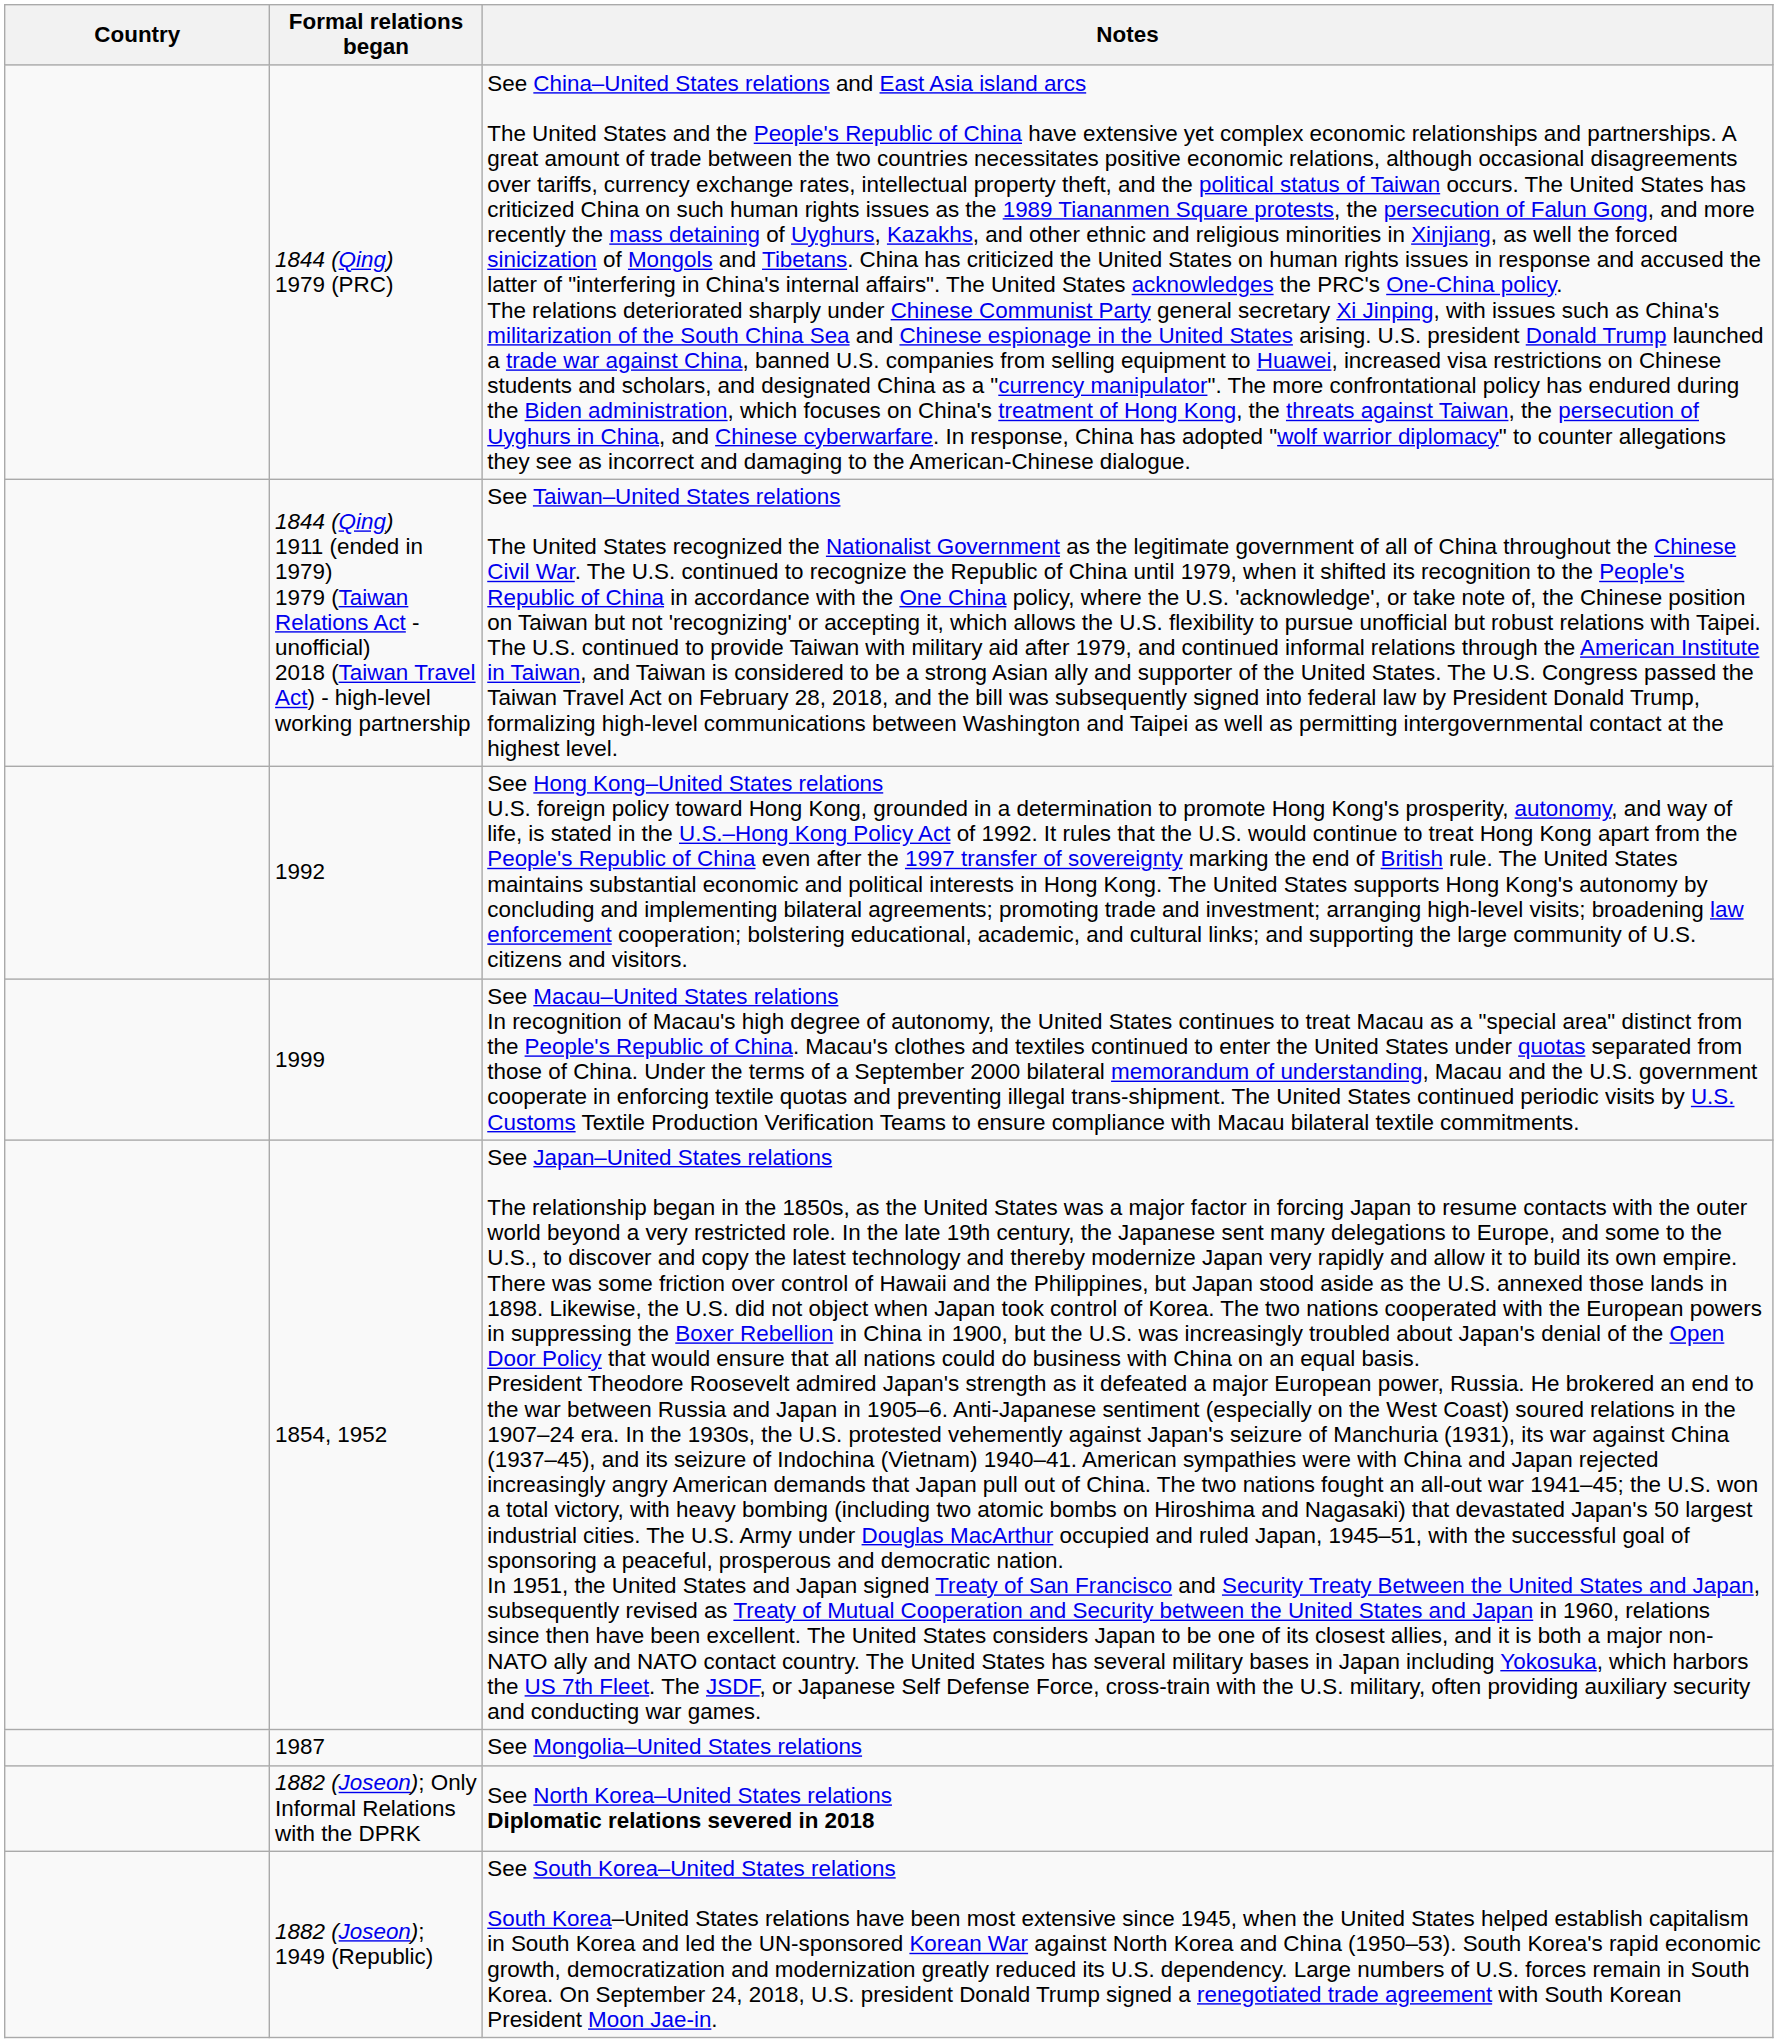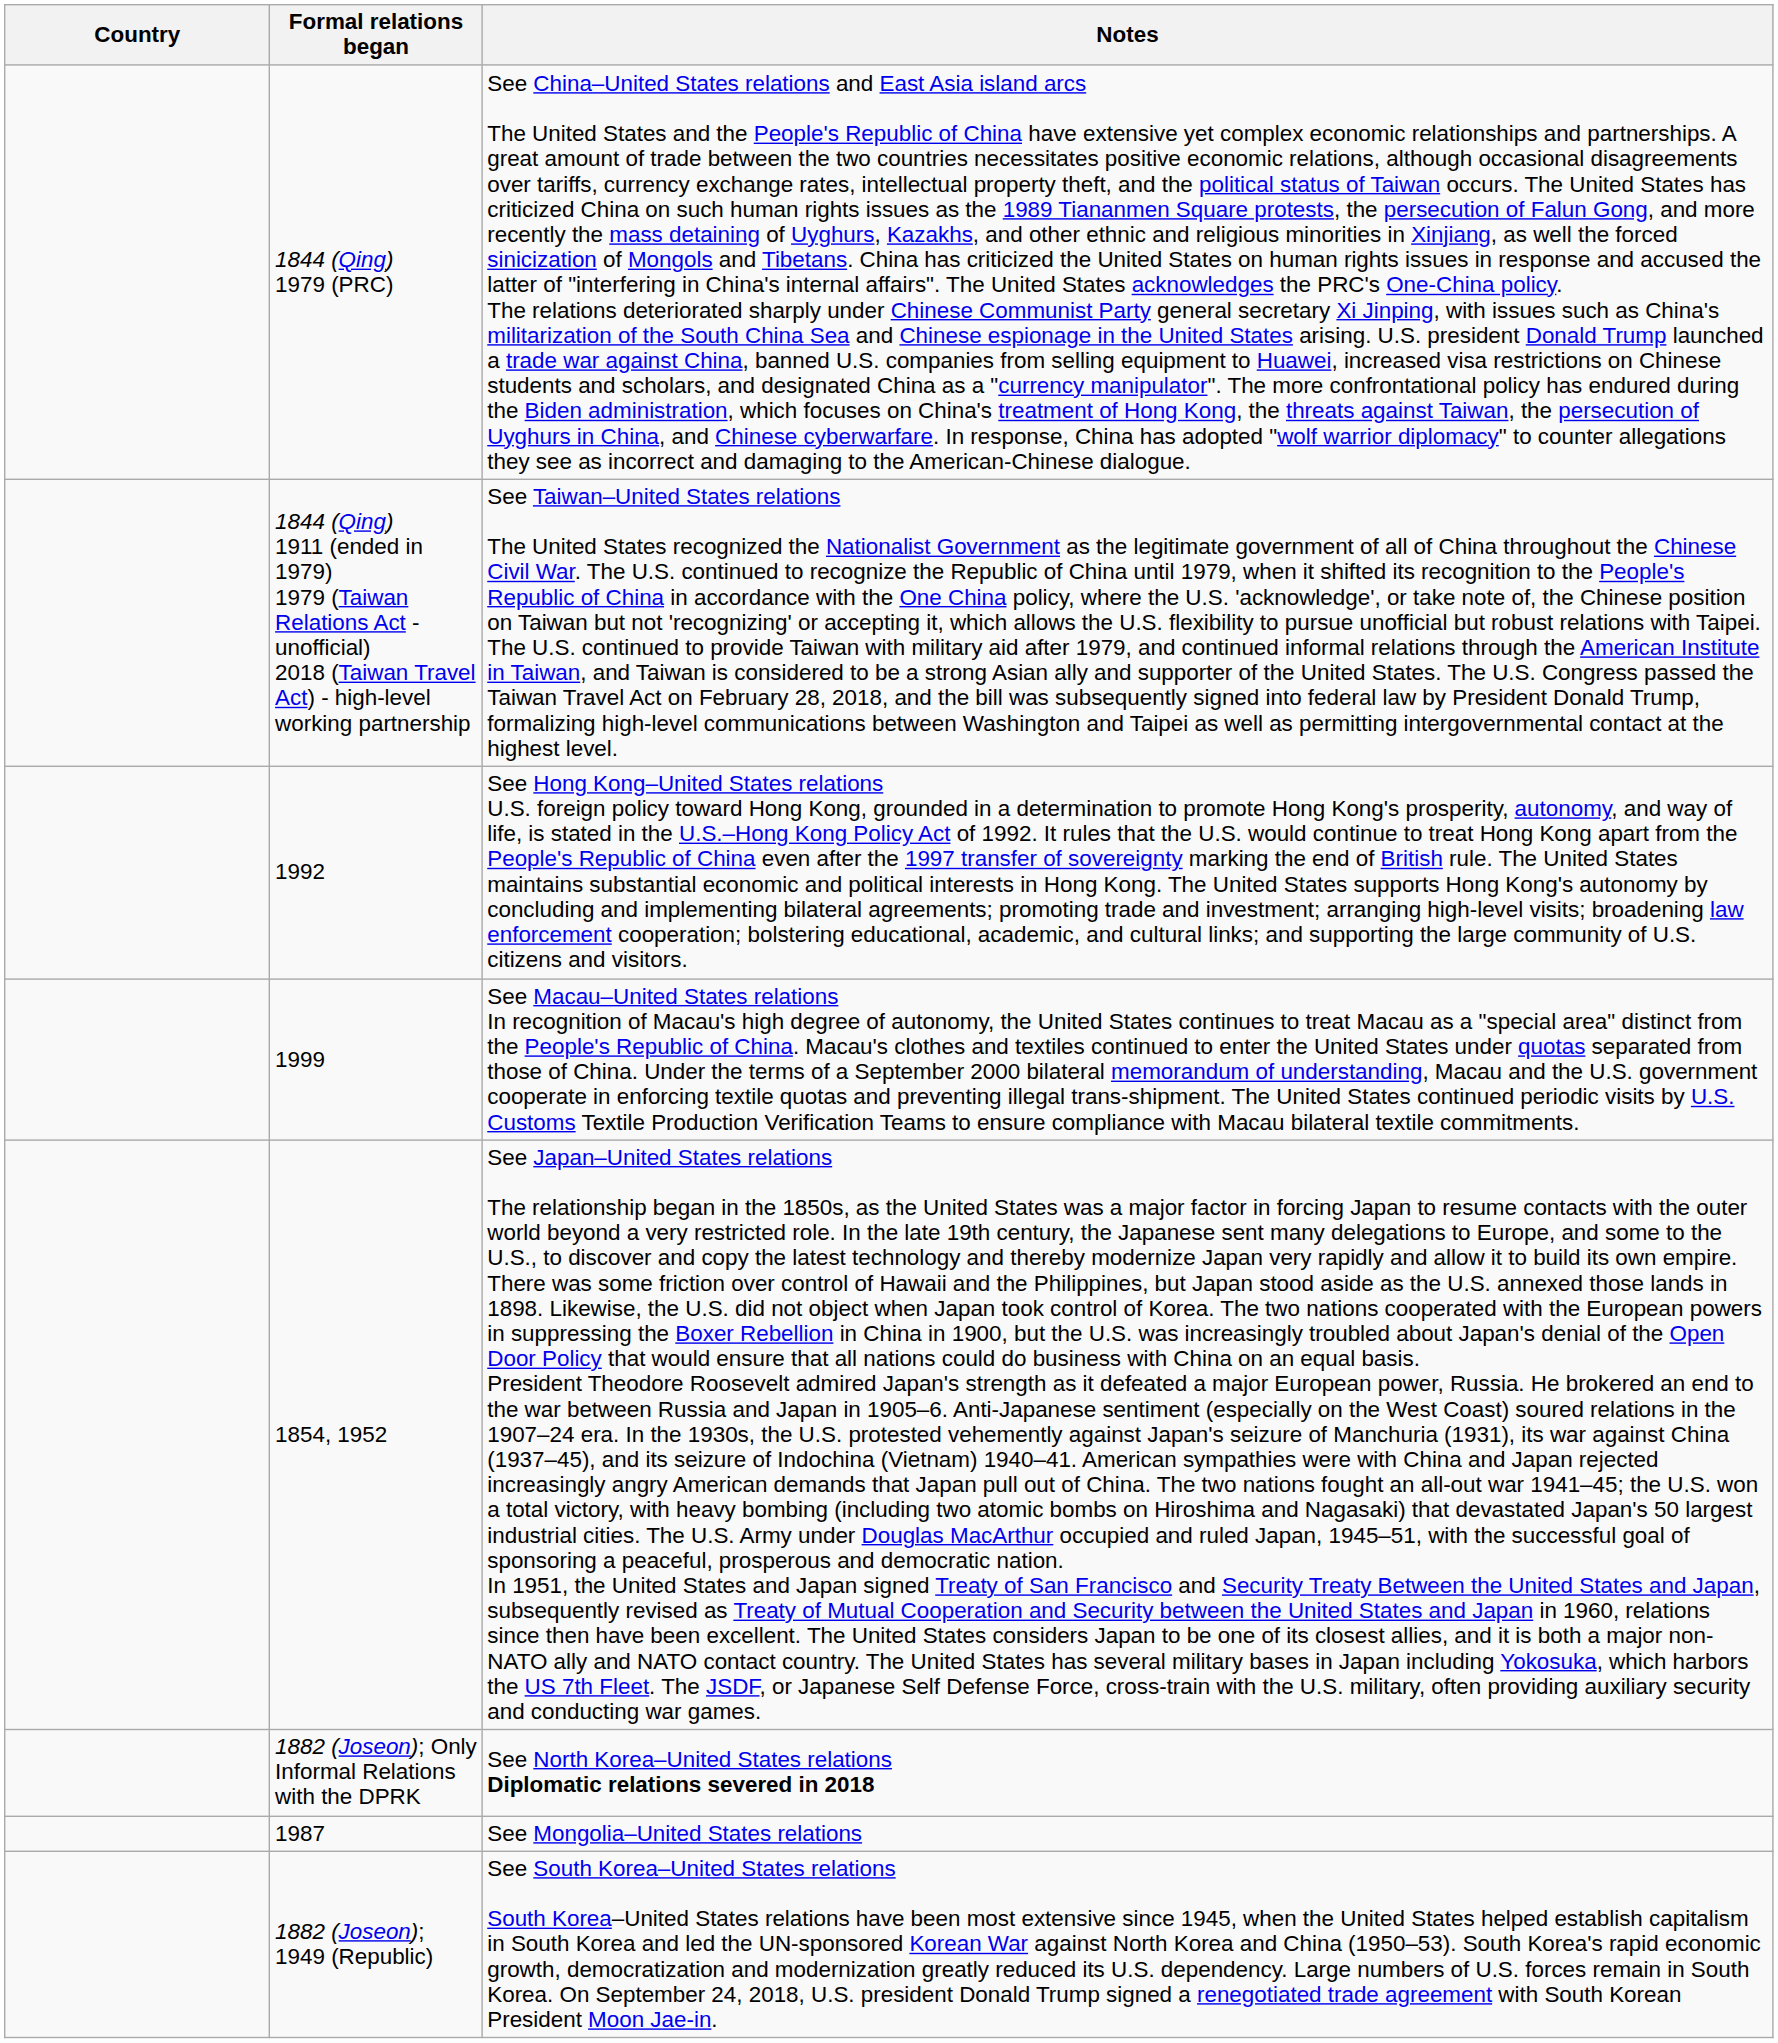 <table class="wikitable sortable" border="1" style="width:100%; margin:auto;">
 <tr>
 <th width="15%">Country</th>
 <th width="12%">Formal relations began</th>
 <th>Notes</th>
 </tr>
 <tr -valign="top">
 <td></td>
 <td><em>1844 (<a href='#'>Qing</a>)</em><br>1979 (PRC)</td>
 <td>See <a href='#'>China–United States relations</a> and <a href='#'>East Asia island arcs</a><br><br> The United States and the <a href='#'>People's Republic of China</a> have extensive yet complex economic relationships and partnerships. A great amount of trade between the two countries necessitates positive economic relations, although occasional disagreements over tariffs, currency exchange rates, intellectual property theft, and the <a href='#'>political status of Taiwan</a> occurs. The United States has criticized China on such human rights issues as the <a href='#'>1989 Tiananmen Square protests</a>, the <a href='#'>persecution of Falun Gong</a>, and more recently the <a href='#'>mass detaining</a> of <a href='#'>Uyghurs</a>, <a href='#'>Kazakhs</a>, and other ethnic and religious minorities in <a href='#'>Xinjiang</a>, as well the forced <a href='#'>sinicization</a> of <a href='#'>Mongols</a> and <a href='#'>Tibetans</a>. China has criticized the United States on human rights issues in response and accused the latter of "interfering in China's internal affairs". The United States <a href='#'>acknowledges</a> the PRC's <a href='#'>One-China policy</a>.<br>The relations deteriorated sharply under <a href='#'>Chinese Communist Party</a> general secretary <a href='#'>Xi Jinping</a>, with issues such as China's <a href='#'>militarization of the South China Sea</a> and <a href='#'>Chinese espionage in the United States</a> arising. U.S. president <a href='#'>Donald Trump</a> launched a <a href='#'>trade war against China</a>, banned U.S. companies from selling equipment to <a href='#'>Huawei</a>, increased visa restrictions on Chinese students and scholars, and designated China as a "<a href='#'>currency manipulator</a>". The more confrontational policy has endured during the <a href='#'>Biden administration</a>, which focuses on China's <a href='#'>treatment of Hong Kong</a>, the <a href='#'>threats against Taiwan</a>, the <a href='#'>persecution of Uyghurs in China</a>, and <a href='#'>Chinese cyberwarfare</a>. In response, China has adopted "<a href='#'>wolf warrior diplomacy</a>" to counter allegations they see as incorrect and damaging to the American-Chinese dialogue.</td>
 </tr>
 <tr -valign="top">
 <td></td>
 <td><em>1844 (<a href='#'>Qing</a>)</em><br>1911 (ended in 1979)<br>1979 (<a href='#'>Taiwan Relations Act</a> - unofficial)<br>2018 (<a href='#'>Taiwan Travel Act</a>) - high-level working partnership</td>
 <td>See <a href='#'>Taiwan–United States relations</a><br><br>The United States recognized the <a href='#'>Nationalist Government</a> as the legitimate government of all of China throughout the <a href='#'>Chinese Civil War</a>. The U.S. continued to recognize the Republic of China until 1979, when it shifted its recognition to the <a href='#'>People's Republic of China</a> in accordance with the <a href='#'>One China</a> policy, where the U.S. 'acknowledge', or take note of, the Chinese position on Taiwan but not 'recognizing' or accepting it, which allows the U.S. flexibility to pursue unofficial but robust relations with Taipei. The U.S. continued to provide Taiwan with military aid after 1979, and continued informal relations through the <a href='#'>American Institute in Taiwan</a>, and Taiwan is considered to be a strong Asian ally and supporter of the United States. The U.S. Congress passed the Taiwan Travel Act on February 28, 2018, and the bill was subsequently signed into federal law by President Donald Trump, formalizing high-level communications between Washington and Taipei as well as permitting intergovernmental contact at the highest level.</td>
 </tr>
 <tr -valign="top">
 <td></td>
 <td>1992<br></td>
 <td>See <a href='#'>Hong Kong–United States relations</a><br>U.S. foreign policy toward Hong Kong, grounded in a determination to promote Hong Kong's prosperity, <a href='#'>autonomy</a>, and way of life, is stated in the <a href='#'>U.S.–Hong Kong Policy Act</a> of 1992. It rules that the U.S. would continue to treat Hong Kong apart from the <a href='#'>People's Republic of China</a> even after the <a href='#'>1997 transfer of sovereignty</a> marking the end of <a href='#'>British</a> rule. The United States maintains substantial economic and political interests in Hong Kong. The United States supports Hong Kong's autonomy by concluding and implementing bilateral agreements; promoting trade and investment; arranging high-level visits; broadening <a href='#'>law enforcement</a> cooperation; bolstering educational, academic, and cultural links; and supporting the large community of U.S. citizens and visitors.</td>
 </tr>
 <tr -valign="top">
 <td></td>
 <td>1999<br></td>
 <td>See <a href='#'>Macau–United States relations</a><br>In recognition of Macau's high degree of autonomy, the United States continues to treat Macau as a "special area" distinct from the <a href='#'>People's Republic of China</a>. Macau's clothes and textiles continued to enter the United States under <a href='#'>quotas</a> separated from those of China. Under the terms of a September 2000 bilateral <a href='#'>memorandum of understanding</a>, Macau and the U.S. government cooperate in enforcing textile quotas and preventing illegal trans-shipment. The United States continued periodic visits by <a href='#'>U.S. Customs</a> Textile Production Verification Teams to ensure compliance with Macau bilateral textile commitments.</td>
 </tr>
 <tr -valign="top">
 <td></td>
 <td>1854, 1952<br></td>
 <td>See <a href='#'>Japan–United States relations</a><br><br>The relationship began in the 1850s, as the United States was a major factor in forcing Japan to resume contacts with the outer world beyond a very restricted role. In the late 19th century, the Japanese sent many delegations to Europe, and some to the U.S., to discover and copy the latest technology and thereby modernize Japan very rapidly and allow it to build its own empire. There was some friction over control of Hawaii and the Philippines, but Japan stood aside as the U.S. annexed those lands in 1898. Likewise, the U.S. did not object when Japan took control of Korea. The two nations cooperated with the European powers in suppressing the <a href='#'>Boxer Rebellion</a> in China in 1900, but the U.S. was increasingly troubled about Japan's denial of the <a href='#'>Open Door Policy</a> that would ensure that all nations could do business with China on an equal basis.<br>President Theodore Roosevelt admired Japan's strength as it defeated a major European power, Russia. He brokered an end to the war between Russia and Japan in 1905–6. Anti-Japanese sentiment (especially on the West Coast) soured relations in the 1907–24 era. In the 1930s, the U.S. protested vehemently against Japan's seizure of Manchuria (1931), its war against China (1937–45), and its seizure of Indochina (Vietnam) 1940–41. American sympathies were with China and Japan rejected increasingly angry American demands that Japan pull out of China. The two nations fought an all-out war 1941–45; the U.S. won a total victory, with heavy bombing (including two atomic bombs on Hiroshima and Nagasaki) that devastated Japan's 50 largest industrial cities. The U.S. Army under <a href='#'>Douglas MacArthur</a> occupied and ruled Japan, 1945–51, with the successful goal of sponsoring a peaceful, prosperous and democratic nation.<br>In 1951, the United States and Japan signed <a href='#'>Treaty of San Francisco</a> and <a href='#'>Security Treaty Between the United States and Japan</a>, subsequently revised as <a href='#'>Treaty of Mutual Cooperation and Security between the United States and Japan</a> in 1960, relations since then have been excellent. The United States considers Japan to be one of its closest allies, and it is both a major non-NATO ally and NATO contact country. The United States has several military bases in Japan including <a href='#'>Yokosuka</a>, which harbors the <a href='#'>US 7th Fleet</a>. The <a href='#'>JSDF</a>, or Japanese Self Defense Force, cross-train with the U.S. military, often providing auxiliary security and conducting war games.</td>
 </tr>
 <tr -valign="top">
 <td></td>
-<td>1987</td>
-<td>See <a href='#'>Mongolia–United States relations</a><br></td>
+<td><em>1882 (<a href='#'>Joseon</a>)</em>; Only Informal Relations with the DPRK</td>
+<td>See <a href='#'>North Korea–United States relations</a><br><strong>Diplomatic relations severed in 2018</strong><br></td>
 </tr>
 <tr -valign="top">
 <td></td>
-<td><em>1882 (<a href='#'>Joseon</a>)</em>; Only Informal Relations with the DPRK</td>
-<td>See <a href='#'>North Korea–United States relations</a><br><strong>Diplomatic relations severed in 2018</strong><br></td>
+<td>1987</td>
+<td>See <a href='#'>Mongolia–United States relations</a><br></td>
 </tr>
 <tr -valign="top">
 <td></td>
 <td><em>1882 (<a href='#'>Joseon</a>)</em>; 1949 (Republic)</td>
 <td>See <a href='#'>South Korea–United States relations</a><br><br><a href='#'>South Korea</a>–United States relations have been most extensive since 1945, when the United States helped establish capitalism in South Korea and led the UN-sponsored <a href='#'>Korean War</a> against North Korea and China (1950–53). South Korea's rapid economic growth, democratization and modernization greatly reduced its U.S. dependency. Large numbers of U.S. forces remain in South Korea. On September 24, 2018, U.S. president Donald Trump signed a <a href='#'>renegotiated trade agreement</a> with South Korean President <a href='#'>Moon Jae-in</a>.</td>
 </tr>
 </table>
